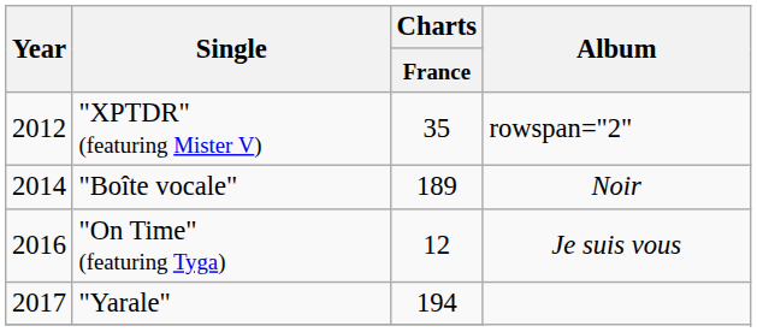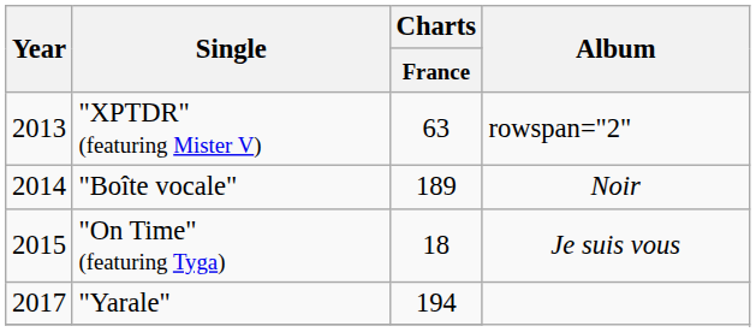 <table class="wikitable">
 <tr>
 <th align="center" rowspan="2">Year</th>
 <th align="center" rowspan="2" width="180">Single</th>
 <th align="center" colspan="1">Charts</th>
 <th align="center" rowspan="2" width="150">Album</th>
 </tr>
 <tr>
 <th width="20"><small>France</small><br></th>
 </tr>
 <tr>
-<td align="center">2012</td>
+<td align="center">2013</td>
 <td>"XPTDR" <br><small>(featuring <a href='#'>Mister V</a>)</small></td>
-<td align="center">35</td>
+<td align="center">63</td>
 <td>rowspan="2" </td>
 </tr>
 <tr>
 <td align="center">2014</td>
 <td>"Boîte vocale"</td>
 <td align="center">189</td>
 <td align="center"><em>Noir</em></td>
 </tr>
 <tr>
-<td align="center">2016</td>
+<td align="center">2015</td>
 <td>"On Time" <br><small>(featuring <a href='#'>Tyga</a>)</small></td>
-<td align="center">12</td>
+<td align="center">18</td>
 <td align="center"><em>Je suis vous</em></td>
 </tr>
 <tr>
 <td align="center">2017</td>
 <td>"Yarale"</td>
 <td align="center">194<br></td>
 </tr>
 <tr>
 </tr>
 </table>
